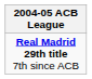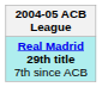 <table class="wikitable" style="margin: 0 auto; width: 20%;">
 <tr>
 <th>2004-05 ACB League</th>
 </tr>
 <tr>
-<td align=center><strong><a href='#'>Real Madrid</a></strong><br><strong>29th title</strong> <br>7th since ACB</td>
+<td align=center style="background: paleturquoise;"><strong><a href='#'>Real Madrid</a></strong><br><strong>29th title</strong> <br>7th since ACB</td>
 </tr>
 </table>
